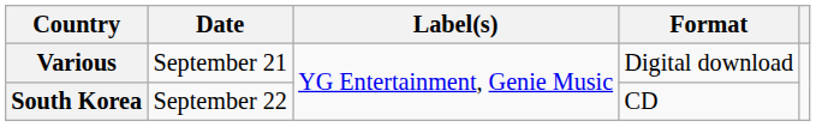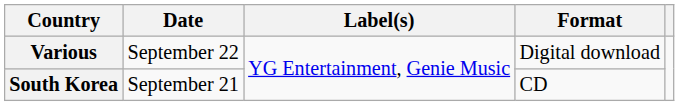 <table class="wikitable plainrowheaders">
 <tr>
 <th>Country</th>
 <th>Date</th>
 <th>Label(s)</th>
 <th>Format</th>
 <th></th>
 </tr>
 <tr>
 <th scope="row">Various</th>
-<td>September 21</td>
+<td>September 22</td>
 <td rowspan="2"><a href='#'>YG Entertainment</a>, <a href='#'>Genie Music</a></td>
 <td>Digital download</td>
 <td rowspan="2"></td>
 </tr>
 <tr>
 <th scope="row">South Korea</th>
-<td>September 22</td>
+<td>September 21</td>
 <td>CD</td>
 </tr>
 </table>
